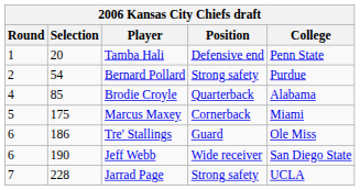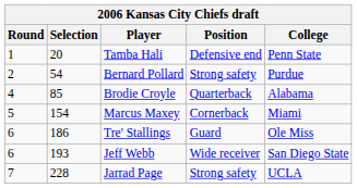 <table class="wikitable">
 <tr>
 <th colspan=5>2006 Kansas City Chiefs draft</th>
 </tr>
 <tr>
 <th>Round</th>
 <th>Selection</th>
 <th>Player</th>
 <th>Position</th>
 <th>College</th>
 </tr>
 <tr>
 <td>1</td>
 <td>20</td>
 <td><a href='#'>Tamba Hali</a></td>
 <td><a href='#'>Defensive end</a></td>
 <td><a href='#'>Penn State</a></td>
 </tr>
 <tr>
 <td>2</td>
 <td>54</td>
 <td><a href='#'>Bernard Pollard</a></td>
 <td><a href='#'>Strong safety</a></td>
 <td><a href='#'>Purdue</a></td>
 </tr>
 <tr>
 <td>4</td>
 <td>85</td>
 <td><a href='#'>Brodie Croyle</a></td>
 <td><a href='#'>Quarterback</a></td>
 <td><a href='#'>Alabama</a></td>
 </tr>
 <tr>
 <td>5</td>
-<td>175</td>
+<td>154</td>
 <td><a href='#'>Marcus Maxey</a></td>
 <td><a href='#'>Cornerback</a></td>
 <td><a href='#'>Miami</a></td>
 </tr>
 <tr>
 <td>6</td>
 <td>186</td>
 <td><a href='#'>Tre' Stallings</a></td>
 <td><a href='#'>Guard</a></td>
 <td><a href='#'>Ole Miss</a></td>
 </tr>
 <tr>
 <td>6</td>
-<td>190</td>
+<td>193</td>
 <td><a href='#'>Jeff Webb</a></td>
 <td><a href='#'>Wide receiver</a></td>
 <td><a href='#'>San Diego State</a></td>
 </tr>
 <tr>
 <td>7</td>
 <td>228</td>
 <td><a href='#'>Jarrad Page</a></td>
 <td><a href='#'>Strong safety</a></td>
 <td><a href='#'>UCLA</a></td>
 </tr>
 </table>
